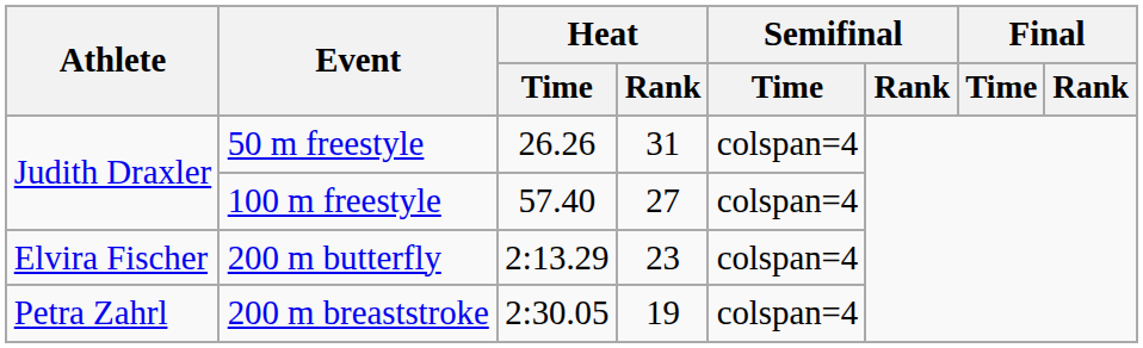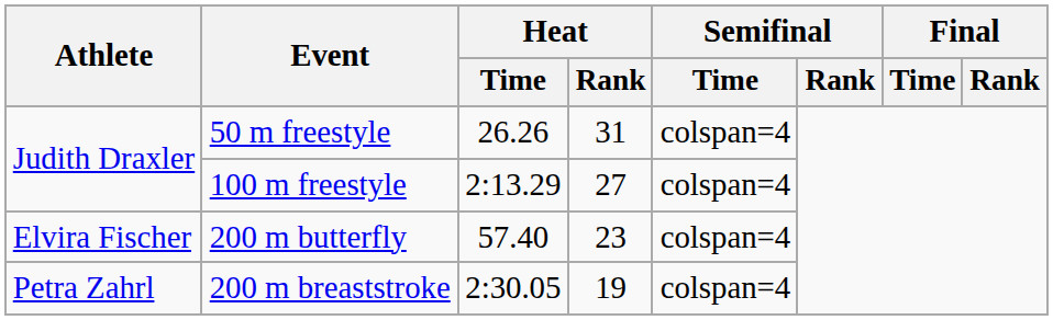 <table class=wikitable style=font-size:90%;text-align:center>
 <tr>
 <th rowspan=2>Athlete</th>
 <th rowspan=2>Event</th>
 <th colspan=2>Heat</th>
 <th colspan=2>Semifinal</th>
 <th colspan=2>Final</th>
 </tr>
 <tr style=font-size:95%>
 <th>Time</th>
 <th>Rank</th>
 <th>Time</th>
 <th>Rank</th>
 <th>Time</th>
 <th>Rank</th>
 </tr>
 <tr>
 <td align=left rowspan=2><a href='#'>Judith Draxler</a></td>
 <td align=left><a href='#'>50 m freestyle</a></td>
 <td>26.26</td>
 <td>31</td>
 <td>colspan=4 </td>
 </tr>
 <tr>
 <td align=left><a href='#'>100 m freestyle</a></td>
-<td>57.40</td>
+<td>2:13.29</td>
 <td>27</td>
 <td>colspan=4 </td>
 </tr>
 <tr>
 <td align=left><a href='#'>Elvira Fischer</a></td>
 <td align=left><a href='#'>200 m butterfly</a></td>
-<td>2:13.29</td>
+<td>57.40</td>
 <td>23</td>
 <td>colspan=4 </td>
 </tr>
 <tr>
 <td align=left><a href='#'>Petra Zahrl</a></td>
 <td align=left><a href='#'>200 m breaststroke</a></td>
 <td>2:30.05</td>
 <td>19</td>
 <td>colspan=4 </td>
 </tr>
 </table>
